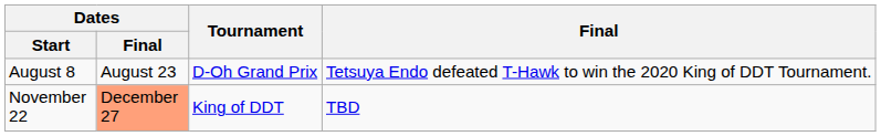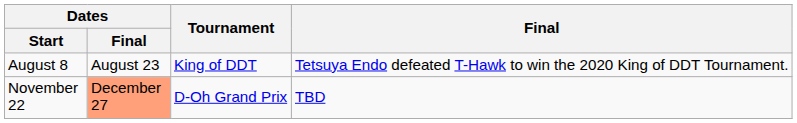 <table class="wikitable">
 <tr>
 <th colspan=2>Dates</th>
 <th rowspan=2 scope="col" style="width: 120px;">Tournament</th>
 <th rowspan=2>Final</th>
 </tr>
 <tr>
 <th scope="col" style="width: 80px;">Start</th>
 <th scope="col" style="width: 80px;">Final</th>
 </tr>
 <tr>
 <td>August 8</td>
 <td>August 23</td>
-<td><a href='#'>D-Oh Grand Prix</a></td>
+<td><a href='#'>King of DDT</a></td>
 <td><a href='#'>Tetsuya Endo</a> defeated <a href='#'>T-Hawk</a> to win the 2020 King of DDT Tournament.</td>
 </tr>
 <tr>
 <td>November 22</td>
 <td style="background: lightsalmon;">December 27</td>
-<td><a href='#'>King of DDT</a></td>
+<td><a href='#'>D-Oh Grand Prix</a></td>
 <td><a href='#'>TBD</a></td>
 </tr>
 </table>
